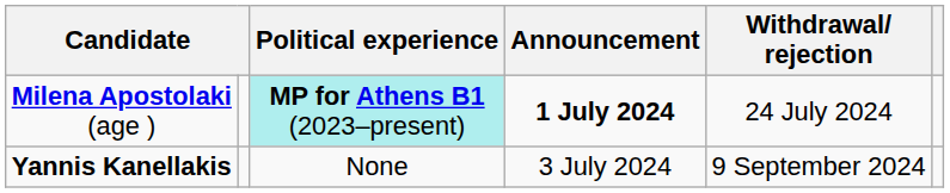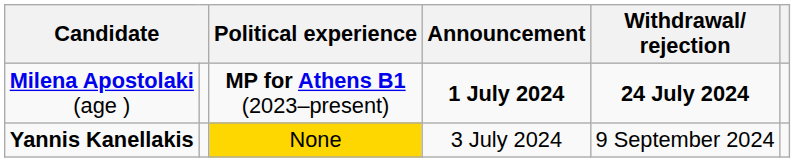 <table class="wikitable" style="text-align:center;">
 <tr>
 <th colspan="2" width="125">Candidate</th>
 <th>Political experience</th>
 <th>Announcement</th>
 <th>Withdrawal/<br>rejection</th>
 <th></th>
 </tr>
 <tr>
 <td><strong><a href='#'>Milena Apostolaki</a></strong><br>(age )</td>
 <td></td>
-<td style="background: paleturquoise;"><strong>MP for <a href='#'>Athens B1</a></strong><br>(2023–present)<br></td>
+<td><strong>MP for <a href='#'>Athens B1</a></strong><br>(2023–present)<br></td>
 <td><strong>1 July 2024</strong></td>
-<td>24 July 2024</td>
+<td><strong>24 July 2024</strong></td>
 <td><br></td>
 </tr>
 <tr>
 <td rowspan="2"><strong> Yannis Kanellakis</strong></td>
 <td rowspan="2"></td>
-<td>None</td>
+<td style="background: gold;">None</td>
 <td rowspan="2">3 July 2024</td>
 <td rowspan="2">9 September 2024</td>
 <td rowspan="2"><br></td>
 </tr>
 </table>
